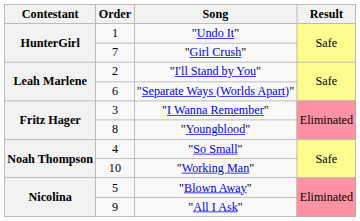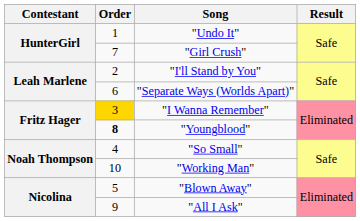 <table class="wikitable unsortable" style="text-align:center;">
 <tr>
 <th scope="col">Contestant</th>
 <th scope="col">Order</th>
 <th scope="col">Song</th>
 <th scope="col">Result</th>
 </tr>
 <tr>
 <th scope="row" rowspan="2">HunterGirl</th>
 <td>1</td>
 <td>"<a href='#'>Undo It</a>"</td>
 <td rowspan="2" style="background:#FDFC8F;">Safe</td>
 </tr>
 <tr>
 <td>7</td>
 <td>"<a href='#'>Girl Crush</a>"</td>
 </tr>
 <tr>
 <th scope="row" rowspan="2">Leah Marlene</th>
 <td>2</td>
 <td>"<a href='#'>I'll Stand by You</a>"</td>
 <td rowspan="2" style="background:#FDFC8F;">Safe</td>
 </tr>
 <tr>
 <td>6</td>
 <td>"<a href='#'>Separate Ways (Worlds Apart)</a>"</td>
 </tr>
 <tr>
 <th scope="row" rowspan="2">Fritz Hager</th>
-<td>3</td>
+<td style="background: gold;">3</td>
 <td>"<a href='#'>I Wanna Remember</a>"</td>
 <td rowspan="2" bgcolor="FF91A4">Eliminated</td>
 </tr>
 <tr>
-<td>8</td>
+<td><strong>8</strong></td>
 <td>"<a href='#'>Youngblood</a>"</td>
 </tr>
 <tr>
 <th scope="row" rowspan="2">Noah Thompson</th>
 <td>4</td>
 <td>"<a href='#'>So Small</a>"</td>
 <td rowspan="2" style="background:#FDFC8F;">Safe</td>
 </tr>
 <tr>
 <td>10</td>
 <td>"<a href='#'>Working Man</a>"</td>
 </tr>
 <tr>
 <th scope="row" rowspan="2">Nicolina</th>
 <td>5</td>
 <td>"<a href='#'>Blown Away</a>"</td>
 <td rowspan="2" bgcolor="FF91A4">Eliminated</td>
 </tr>
 <tr>
 <td>9</td>
 <td>"<a href='#'>All I Ask</a>"</td>
 </tr>
 </table>
